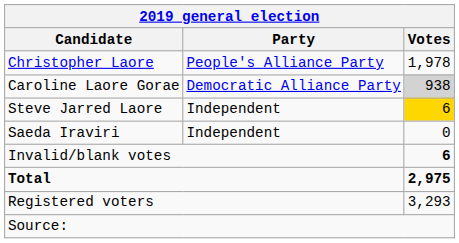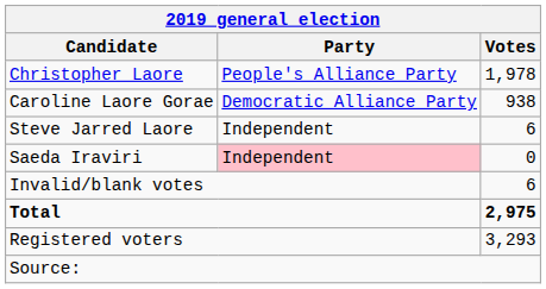 <table class="wikitable" style="text-align:left">
 <tr>
 <th colspan="3"><a href='#'>2019 general election</a></th>
 </tr>
 <tr>
 <th>Candidate</th>
 <th>Party</th>
 <th>Votes</th>
 </tr>
 <tr>
 <td><a href='#'>Christopher Laore</a></td>
 <td><a href='#'>People's Alliance Party</a></td>
 <td align="right">1,978</td>
 </tr>
 <tr>
 <td>Caroline Laore Gorae</td>
 <td><a href='#'>Democratic Alliance Party</a></td>
-<td align="right" style="background: lightgrey;">938</td>
+<td align="right">938</td>
 </tr>
 <tr>
 <td>Steve Jarred Laore</td>
 <td>Independent</td>
-<td align="right" style="background: gold;">6</td>
+<td align="right">6</td>
 </tr>
 <tr>
 <td>Saeda Iraviri</td>
-<td>Independent</td>
+<td style="background: pink;">Independent</td>
 <td align="right">0</td>
 </tr>
 <tr>
 <td colspan="2">Invalid/blank votes</td>
-<td align="right"><strong>6</strong></td>
+<td align="right">6</td>
 </tr>
 <tr>
 <td colspan="2"><strong>Total</strong></td>
 <td align="right"><strong>2,975</strong></td>
 </tr>
 <tr>
 <td colspan="2">Registered voters</td>
 <td align="right">3,293</td>
 </tr>
 <tr>
 <td colspan="3">Source: </td>
 </tr>
 </table>
